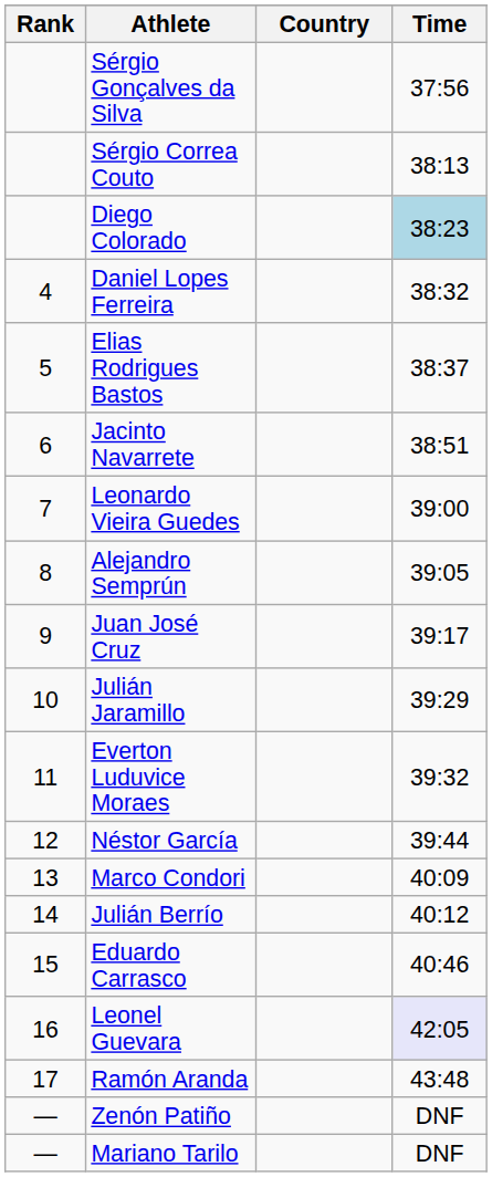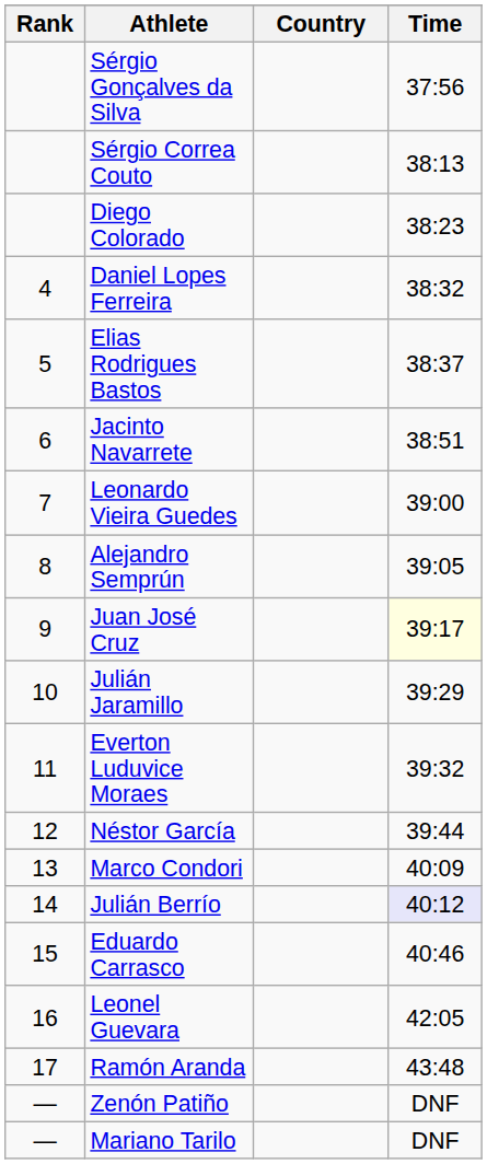 <table class="wikitable sortable" style=" text-align:center; font-size:95%;" width="50%">
 <tr>
 </tr>
 <tr>
 <th width=5%>Rank</th>
 <th width=20%>Athlete</th>
 <th width=15%>Country</th>
 <th width=10%>Time</th>
 </tr>
 <tr>
 <td align=center></td>
 <td align=left><a href='#'>Sérgio Gonçalves da Silva</a></td>
 <td align=left></td>
 <td>37:56</td>
 </tr>
 <tr>
 <td align=center></td>
 <td align=left><a href='#'>Sérgio Correa Couto</a></td>
 <td align=left></td>
 <td>38:13</td>
 </tr>
 <tr>
 <td align=center></td>
 <td align=left><a href='#'>Diego Colorado</a></td>
 <td align=left></td>
-<td style="background: lightblue;">38:23</td>
+<td>38:23</td>
 </tr>
 <tr>
 <td align=center>4</td>
 <td align=left><a href='#'>Daniel Lopes Ferreira</a></td>
 <td align=left></td>
 <td>38:32</td>
 </tr>
 <tr>
 <td align=center>5</td>
 <td align=left><a href='#'>Elias Rodrigues Bastos</a></td>
 <td align=left></td>
 <td>38:37</td>
 </tr>
 <tr>
 <td align=center>6</td>
 <td align=left><a href='#'>Jacinto Navarrete</a></td>
 <td align=left></td>
 <td>38:51</td>
 </tr>
 <tr>
 <td align=center>7</td>
 <td align=left><a href='#'>Leonardo Vieira Guedes</a></td>
 <td align=left></td>
 <td>39:00</td>
 </tr>
 <tr>
 <td align=center>8</td>
 <td align=left><a href='#'>Alejandro Semprún</a></td>
 <td align=left></td>
 <td>39:05</td>
 </tr>
 <tr>
 <td align=center>9</td>
 <td align=left><a href='#'>Juan José Cruz</a></td>
 <td align=left></td>
-<td>39:17</td>
+<td style="background: lightyellow;">39:17</td>
 </tr>
 <tr>
 <td align=center>10</td>
 <td align=left><a href='#'>Julián Jaramillo</a></td>
 <td align=left></td>
 <td>39:29</td>
 </tr>
 <tr>
 <td align=center>11</td>
 <td align=left><a href='#'>Everton Luduvice Moraes</a></td>
 <td align=left></td>
 <td>39:32</td>
 </tr>
 <tr>
 <td align=center>12</td>
 <td align=left><a href='#'>Néstor García</a></td>
 <td align=left></td>
 <td>39:44</td>
 </tr>
 <tr>
 <td align=center>13</td>
 <td align=left><a href='#'>Marco Condori</a></td>
 <td align=left></td>
 <td>40:09</td>
 </tr>
 <tr>
 <td align=center>14</td>
 <td align=left><a href='#'>Julián Berrío</a></td>
 <td align=left></td>
-<td>40:12</td>
+<td style="background: lavender;">40:12</td>
 </tr>
 <tr>
 <td align=center>15</td>
 <td align=left><a href='#'>Eduardo Carrasco</a></td>
 <td align=left></td>
 <td>40:46</td>
 </tr>
 <tr>
 <td align=center>16</td>
 <td align=left><a href='#'>Leonel Guevara</a></td>
 <td align=left></td>
-<td style="background: lavender;">42:05</td>
+<td>42:05</td>
 </tr>
 <tr>
 <td align=center>17</td>
 <td align=left><a href='#'>Ramón Aranda</a></td>
 <td align=left></td>
 <td>43:48</td>
 </tr>
 <tr>
 <td align=center>—</td>
 <td align=left><a href='#'>Zenón Patiño</a></td>
 <td align=left></td>
 <td>DNF</td>
 </tr>
 <tr>
 <td align=center>—</td>
 <td align=left><a href='#'>Mariano Tarilo</a></td>
 <td align=left></td>
 <td>DNF</td>
 </tr>
 </table>
